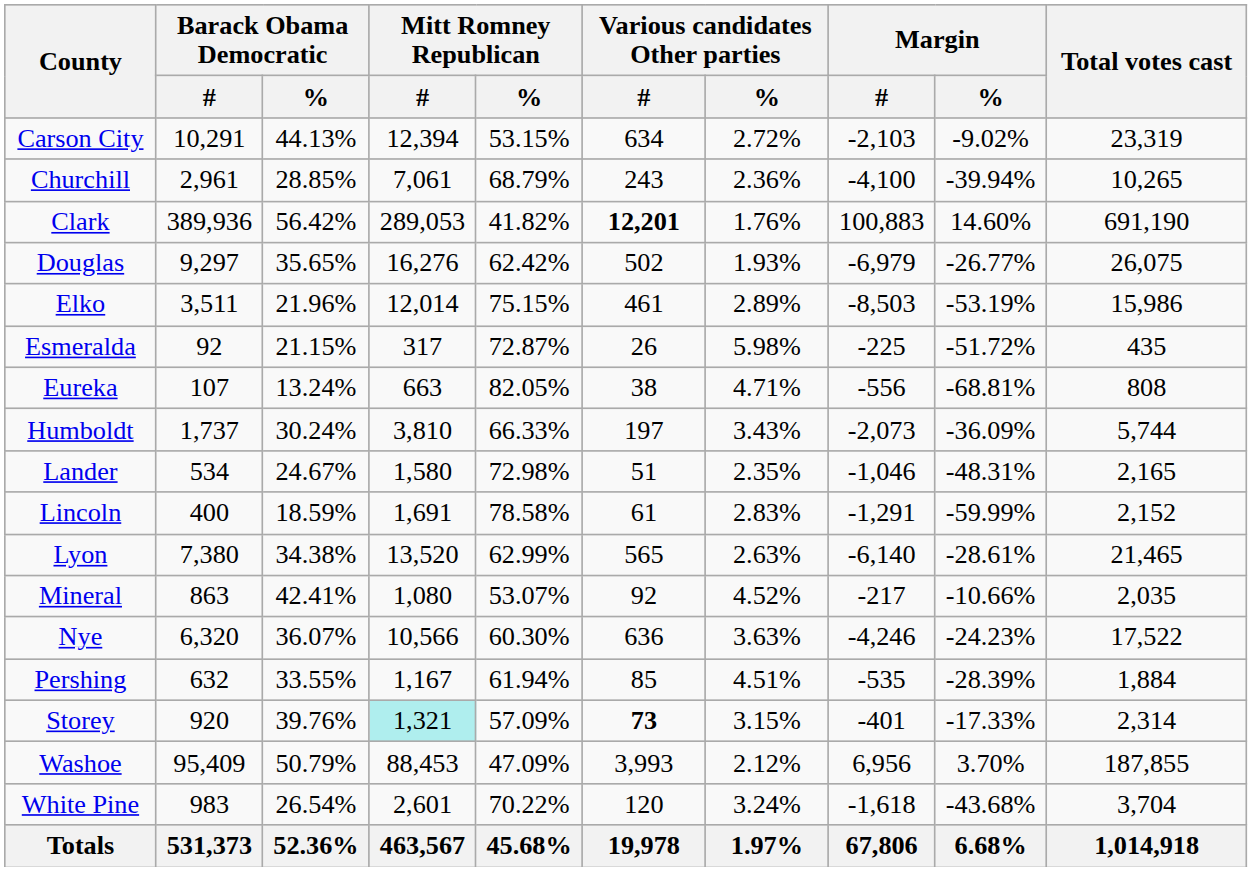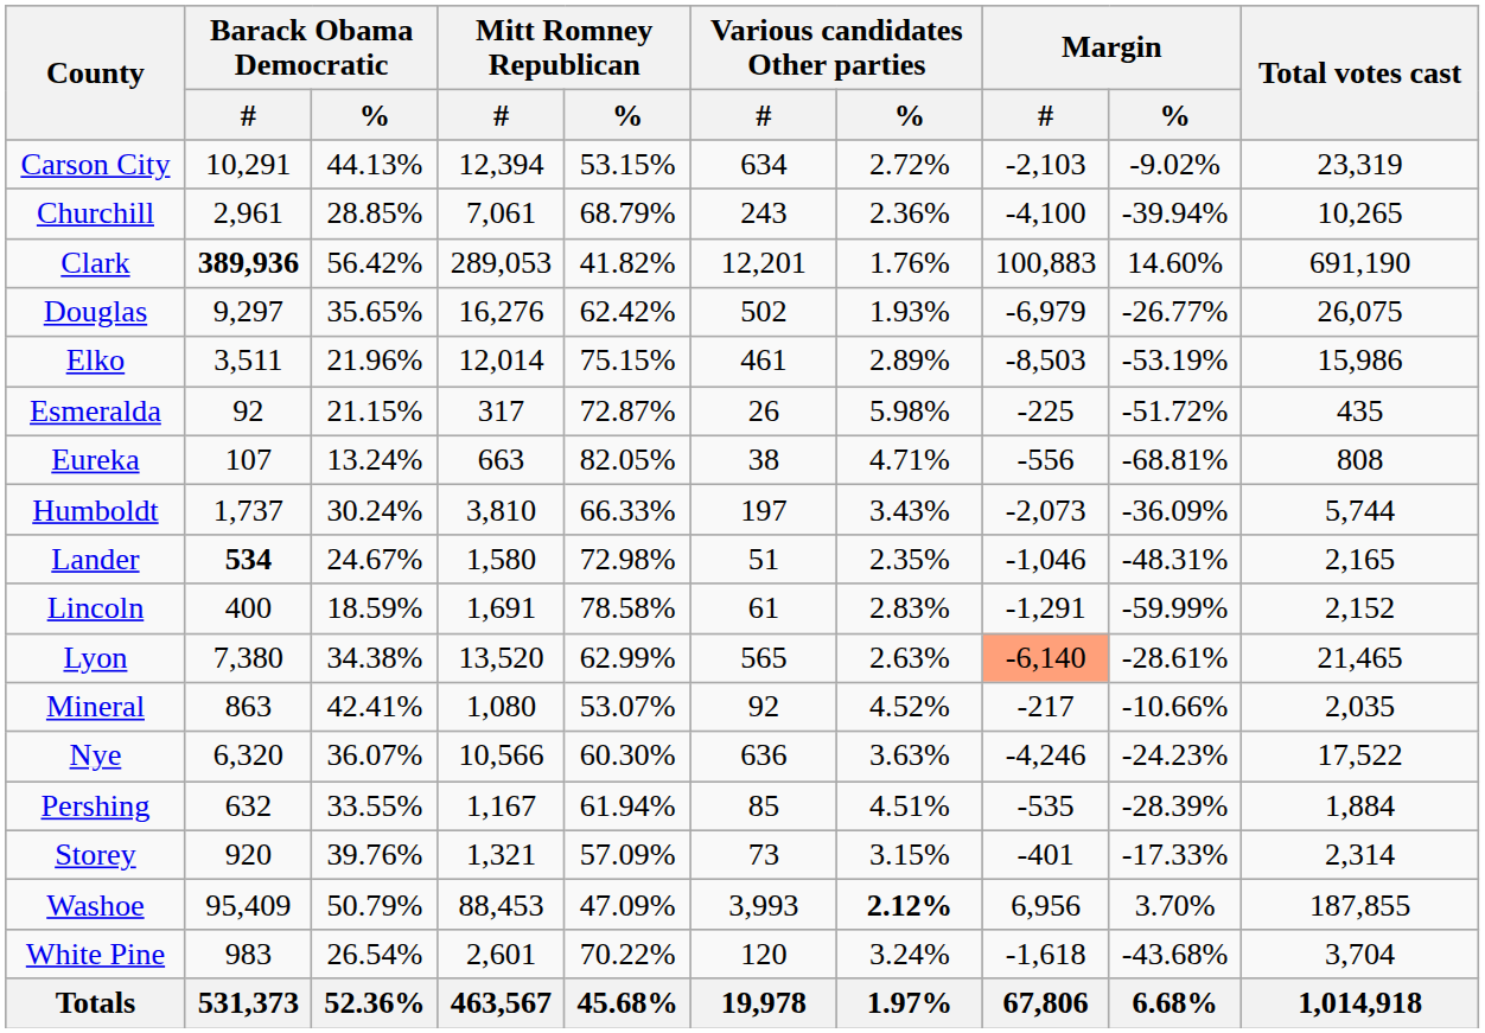 <table width="60%"  class="wikitable sortable" style="text-align:center">
 <tr>
 <th style="text-align:center;" rowspan="2">County</th>
 <th style="text-align:center;" colspan="2">Barack Obama<br>Democratic</th>
 <th style="text-align:center;" colspan="2">Mitt Romney<br>Republican</th>
 <th style="text-align:center;" colspan="2">Various candidates<br>Other parties</th>
 <th style="text-align:center;" colspan="2">Margin</th>
 <th style="text-align:center;" rowspan="2">Total votes cast</th>
 </tr>
 <tr>
 <th style="text-align:center;" data-sort-type="number">#</th>
 <th style="text-align:center;" data-sort-type="number">%</th>
 <th style="text-align:center;" data-sort-type="number">#</th>
 <th style="text-align:center;" data-sort-type="number">%</th>
 <th style="text-align:center;" data-sort-type="number">#</th>
 <th style="text-align:center;" data-sort-type="number">%</th>
 <th style="text-align:center;" data-sort-type="number">#</th>
 <th style="text-align:center;" data-sort-type="number">%</th>
 </tr>
 <tr style="text-align:center;">
 <td><a href='#'>Carson City</a></td>
 <td>10,291</td>
 <td>44.13%</td>
 <td>12,394</td>
 <td>53.15%</td>
 <td>634</td>
 <td>2.72%</td>
 <td>-2,103</td>
 <td>-9.02%</td>
 <td>23,319</td>
 </tr>
 <tr style="text-align:center;">
 <td><a href='#'>Churchill</a></td>
 <td>2,961</td>
 <td>28.85%</td>
 <td>7,061</td>
 <td>68.79%</td>
 <td>243</td>
 <td>2.36%</td>
 <td>-4,100</td>
 <td>-39.94%</td>
 <td>10,265</td>
 </tr>
 <tr style="text-align:center;">
 <td><a href='#'>Clark</a></td>
-<td>389,936</td>
+<td><strong>389,936</strong></td>
 <td>56.42%</td>
 <td>289,053</td>
 <td>41.82%</td>
-<td><strong>12,201</strong></td>
+<td>12,201</td>
 <td>1.76%</td>
 <td>100,883</td>
 <td>14.60%</td>
 <td>691,190</td>
 </tr>
 <tr style="text-align:center;">
 <td><a href='#'>Douglas</a></td>
 <td>9,297</td>
 <td>35.65%</td>
 <td>16,276</td>
 <td>62.42%</td>
 <td>502</td>
 <td>1.93%</td>
 <td>-6,979</td>
 <td>-26.77%</td>
 <td>26,075</td>
 </tr>
 <tr style="text-align:center;">
 <td><a href='#'>Elko</a></td>
 <td>3,511</td>
 <td>21.96%</td>
 <td>12,014</td>
 <td>75.15%</td>
 <td>461</td>
 <td>2.89%</td>
 <td>-8,503</td>
 <td>-53.19%</td>
 <td>15,986</td>
 </tr>
 <tr style="text-align:center;">
 <td><a href='#'>Esmeralda</a></td>
 <td>92</td>
 <td>21.15%</td>
 <td>317</td>
 <td>72.87%</td>
 <td>26</td>
 <td>5.98%</td>
 <td>-225</td>
 <td>-51.72%</td>
 <td>435</td>
 </tr>
 <tr style="text-align:center;">
 <td><a href='#'>Eureka</a></td>
 <td>107</td>
 <td>13.24%</td>
 <td>663</td>
 <td>82.05%</td>
 <td>38</td>
 <td>4.71%</td>
 <td>-556</td>
 <td>-68.81%</td>
 <td>808</td>
 </tr>
 <tr style="text-align:center;">
 <td><a href='#'>Humboldt</a></td>
 <td>1,737</td>
 <td>30.24%</td>
 <td>3,810</td>
 <td>66.33%</td>
 <td>197</td>
 <td>3.43%</td>
 <td>-2,073</td>
 <td>-36.09%</td>
 <td>5,744</td>
 </tr>
 <tr style="text-align:center;">
 <td><a href='#'>Lander</a></td>
-<td>534</td>
+<td><strong>534</strong></td>
 <td>24.67%</td>
 <td>1,580</td>
 <td>72.98%</td>
 <td>51</td>
 <td>2.35%</td>
 <td>-1,046</td>
 <td>-48.31%</td>
 <td>2,165</td>
 </tr>
 <tr style="text-align:center;">
 <td><a href='#'>Lincoln</a></td>
 <td>400</td>
 <td>18.59%</td>
 <td>1,691</td>
 <td>78.58%</td>
 <td>61</td>
 <td>2.83%</td>
 <td>-1,291</td>
 <td>-59.99%</td>
 <td>2,152</td>
 </tr>
 <tr style="text-align:center;">
 <td><a href='#'>Lyon</a></td>
 <td>7,380</td>
 <td>34.38%</td>
 <td>13,520</td>
 <td>62.99%</td>
 <td>565</td>
 <td>2.63%</td>
-<td>-6,140</td>
+<td style="background: lightsalmon;">-6,140</td>
 <td>-28.61%</td>
 <td>21,465</td>
 </tr>
 <tr style="text-align:center;">
 <td><a href='#'>Mineral</a></td>
 <td>863</td>
 <td>42.41%</td>
 <td>1,080</td>
 <td>53.07%</td>
 <td>92</td>
 <td>4.52%</td>
 <td>-217</td>
 <td>-10.66%</td>
 <td>2,035</td>
 </tr>
 <tr style="text-align:center;">
 <td><a href='#'>Nye</a></td>
 <td>6,320</td>
 <td>36.07%</td>
 <td>10,566</td>
 <td>60.30%</td>
 <td>636</td>
 <td>3.63%</td>
 <td>-4,246</td>
 <td>-24.23%</td>
 <td>17,522</td>
 </tr>
 <tr style="text-align:center;">
 <td><a href='#'>Pershing</a></td>
 <td>632</td>
 <td>33.55%</td>
 <td>1,167</td>
 <td>61.94%</td>
 <td>85</td>
 <td>4.51%</td>
 <td>-535</td>
 <td>-28.39%</td>
 <td>1,884</td>
 </tr>
 <tr style="text-align:center;">
 <td><a href='#'>Storey</a></td>
 <td>920</td>
 <td>39.76%</td>
-<td style="background: paleturquoise;">1,321</td>
+<td>1,321</td>
 <td>57.09%</td>
-<td><strong>73</strong></td>
+<td>73</td>
 <td>3.15%</td>
 <td>-401</td>
 <td>-17.33%</td>
 <td>2,314</td>
 </tr>
 <tr style="text-align:center;">
 <td><a href='#'>Washoe</a></td>
 <td>95,409</td>
 <td>50.79%</td>
 <td>88,453</td>
 <td>47.09%</td>
 <td>3,993</td>
-<td>2.12%</td>
+<td><strong>2.12%</strong></td>
 <td>6,956</td>
 <td>3.70%</td>
 <td>187,855</td>
 </tr>
 <tr style="text-align:center;">
 <td><a href='#'>White Pine</a></td>
 <td>983</td>
 <td>26.54%</td>
 <td>2,601</td>
 <td>70.22%</td>
 <td>120</td>
 <td>3.24%</td>
 <td>-1,618</td>
 <td>-43.68%</td>
 <td>3,704</td>
 </tr>
 <tr>
 <th>Totals</th>
 <th>531,373</th>
 <th>52.36%</th>
 <th>463,567</th>
 <th>45.68%</th>
 <th>19,978</th>
 <th>1.97%</th>
 <th>67,806</th>
 <th>6.68%</th>
 <th>1,014,918</th>
 </tr>
 </table>
